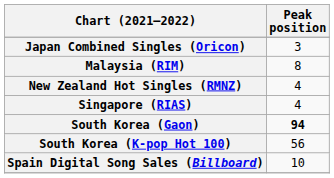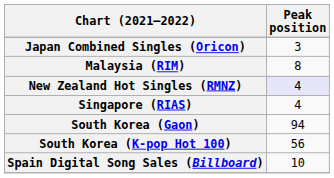 <table class="wikitable sortable plainrowheaders" style="text-align:center">
 <tr>
 <th scope="col">Chart (2021–2022)</th>
 <th scope="col">Peak<br>position</th>
 </tr>
 <tr>
 </tr>
 <tr>
 </tr>
 <tr>
 </tr>
 <tr>
 <th scope="row">Japan Combined Singles (<a href='#'>Oricon</a>)</th>
 <td>3</td>
 </tr>
 <tr>
 <th scope="row">Malaysia (<a href='#'>RIM</a>)</th>
 <td>8</td>
 </tr>
 <tr>
 <th scope="row">New Zealand Hot Singles (<a href='#'>RMNZ</a>)</th>
-<td>4</td>
+<td style="background: lavender;">4</td>
 </tr>
 <tr>
 <th scope="row">Singapore (<a href='#'>RIAS</a>)</th>
 <td>4</td>
 </tr>
 <tr>
 <th scope="row">South Korea (<a href='#'>Gaon</a>)</th>
-<td><strong>94</strong></td>
+<td>94</td>
 </tr>
 <tr>
 <th scope="row">South Korea (<a href='#'>K-pop Hot 100</a>)</th>
 <td>56</td>
 </tr>
 <tr>
 <th scope="row">Spain Digital Song Sales (<em><a href='#'>Billboard</a></em>)</th>
 <td>10</td>
 </tr>
 <tr>
 </tr>
 <tr>
 </tr>
 <tr>
 </tr>
 <tr>
 </tr>
 </table>
